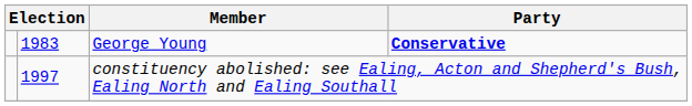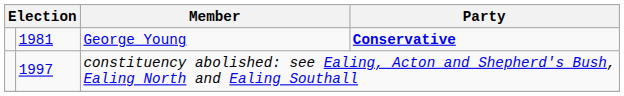 <table class="wikitable">
 <tr>
 <th colspan="2">Election</th>
 <th>Member</th>
 <th>Party</th>
 </tr>
 <tr>
 <td style="color:inherit;background-color: "></td>
-<td><a href='#'>1983</a></td>
+<td><a href='#'>1981</a></td>
 <td><a href='#'>George Young</a></td>
 <td><strong><a href='#'>Conservative</a></strong></td>
 </tr>
 <tr>
 <td></td>
 <td><a href='#'>1997</a></td>
 <td colspan="2"><em>constituency abolished: see <a href='#'>Ealing, Acton and Shepherd's Bush</a>, <br><a href='#'>Ealing North</a> and <a href='#'>Ealing Southall</a></em></td>
 </tr>
 <tr>
 </tr>
 </table>
